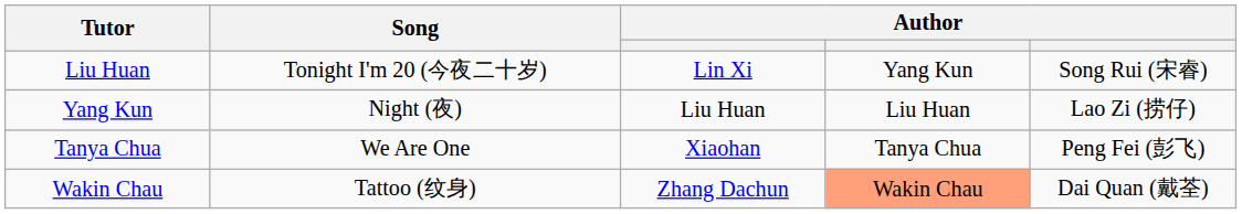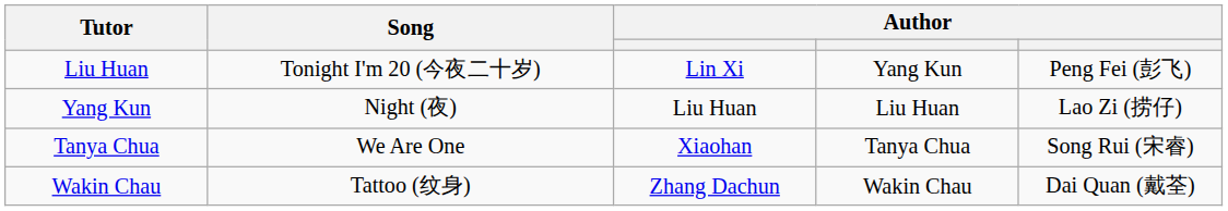 <table class="wikitable" style="width:70%; text-align:center">
 <tr>
 <th rowspan="2" width="10%">Tutor</th>
 <th rowspan="2" width="20%">Song</th>
 <th colspan="3" width="30%">Author</th>
 </tr>
 <tr>
 <th width="10%"></th>
 <th width="10%"></th>
 <th width="10%"></th>
 </tr>
 <tr>
 <td><a href='#'>Liu Huan</a></td>
 <td>Tonight I'm 20 (今夜二十岁)</td>
 <td><a href='#'>Lin Xi</a></td>
 <td>Yang Kun</td>
-<td>Song Rui (宋睿)</td>
+<td>Peng Fei (彭飞)</td>
 </tr>
 <tr>
 <td><a href='#'>Yang Kun</a></td>
 <td>Night (夜)</td>
 <td>Liu Huan</td>
 <td>Liu Huan</td>
 <td>Lao Zi (捞仔)</td>
 </tr>
 <tr>
 <td><a href='#'>Tanya Chua</a></td>
 <td>We Are One</td>
 <td><a href='#'>Xiaohan</a></td>
 <td>Tanya Chua</td>
-<td>Peng Fei (彭飞)</td>
+<td>Song Rui (宋睿)</td>
 </tr>
 <tr>
 <td><a href='#'>Wakin Chau</a></td>
 <td>Tattoo (纹身) </td>
 <td><a href='#'>Zhang Dachun</a></td>
-<td style="background: lightsalmon;">Wakin Chau</td>
+<td>Wakin Chau</td>
 <td>Dai Quan (戴荃)</td>
 </tr>
 </table>
